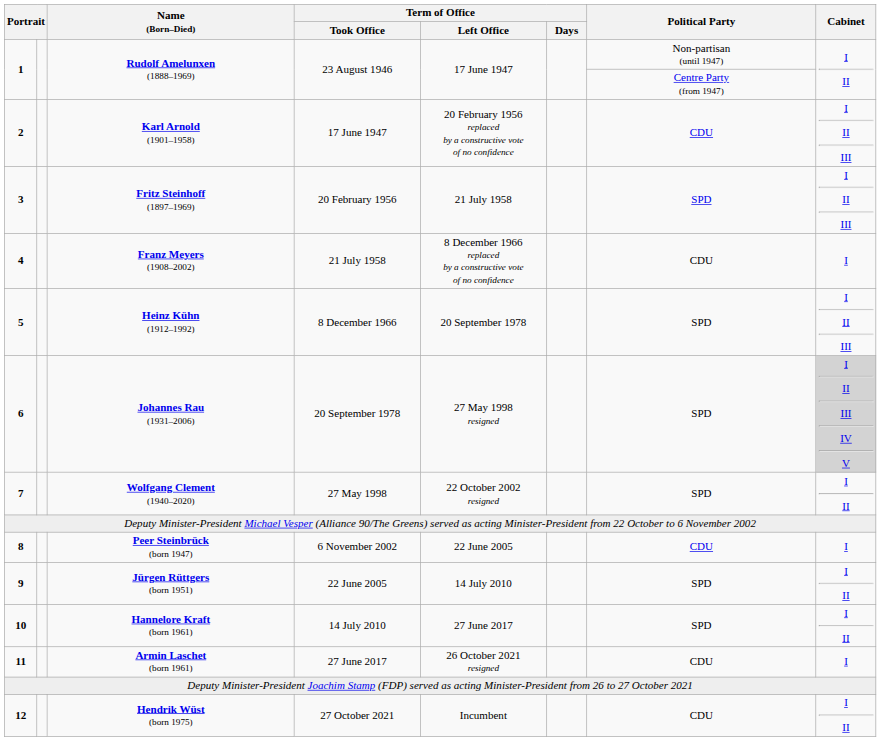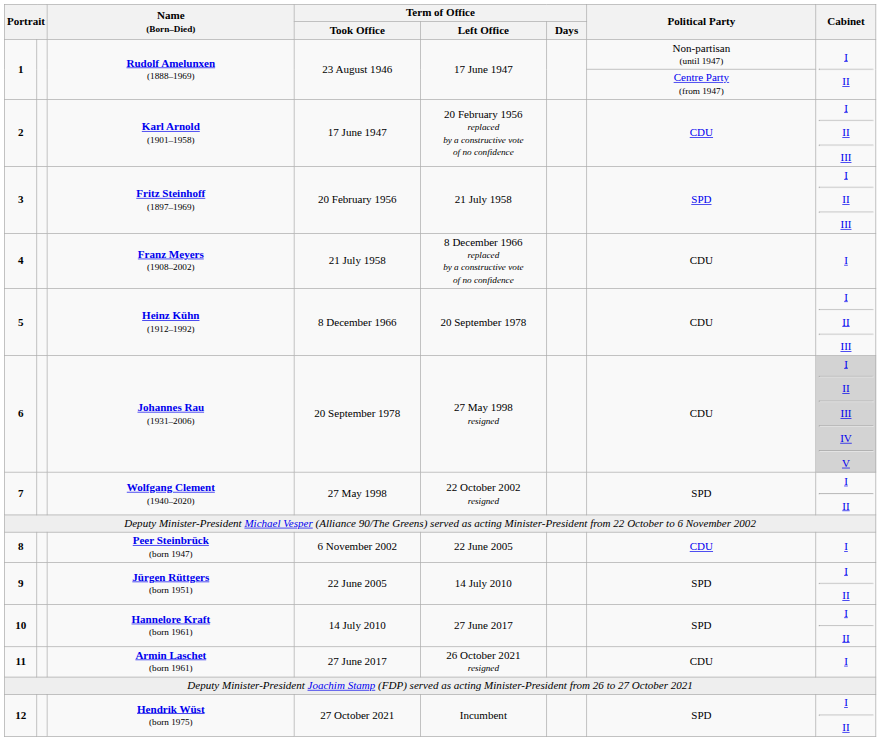 <table class="wikitable" style="text-align:center; width:100%; border:1px #AAAAFF solid">
 <tr>
 <th width=80px rowspan=2 colspan=2>Portrait</th>
 <th width=30% rowspan=2>Name<br><small>(Born–Died)</small></th>
 <th width=35% colspan=3>Term of Office</th>
 <th width=28% rowspan=2>Political Party</th>
 <th width=28% rowspan=2>Cabinet</th>
 </tr>
 <tr>
 <th>Took Office</th>
 <th>Left Office</th>
 <th>Days</th>
 </tr>
 <tr>
 <td rowspan="2" style="background:"><strong>1</strong></td>
 <td rowspan="2"></td>
 <td rowspan="2"><strong><a href='#'>Rudolf Amelunxen</a></strong><br><small>(1888–1969)</small></td>
 <td rowspan="2">23 August 1946</td>
 <td rowspan="2">17 June 1947</td>
 <td rowspan="2"></td>
 <td>Non-partisan<br><small>(until 1947)</small></td>
 <td rowspan="2"><a href='#'>I</a><hr><a href='#'>II</a></td>
 </tr>
 <tr>
 <td><a href='#'>Centre Party</a><br><small>(from 1947)</small></td>
 </tr>
 <tr>
 <td style="background:"><strong>2</strong></td>
 <td></td>
 <td><strong><a href='#'>Karl Arnold</a></strong><br><small>(1901–1958)</small></td>
 <td>17 June 1947</td>
 <td>20 February 1956<br><small><em>replaced<br>by a constructive vote<br>of no confidence</em></small></td>
 <td></td>
 <td><a href='#'>CDU</a></td>
 <td><a href='#'>I</a><hr><a href='#'>II</a><hr><a href='#'>III</a></td>
 </tr>
 <tr>
 <td style="background:"><strong>3</strong></td>
 <td></td>
 <td><strong><a href='#'>Fritz Steinhoff</a></strong><br><small>(1897–1969)</small></td>
 <td>20 February 1956</td>
 <td>21 July 1958</td>
 <td></td>
 <td><a href='#'>SPD</a></td>
 <td><a href='#'>I</a><hr><a href='#'>II</a><hr><a href='#'>III</a></td>
 </tr>
 <tr>
 <td style="background:"><strong>4</strong></td>
 <td></td>
 <td><strong><a href='#'>Franz Meyers</a></strong><br><small>(1908–2002)</small></td>
 <td>21 July 1958</td>
 <td>8 December 1966<br><small><em>replaced<br>by a constructive vote<br>of no confidence</em></small></td>
 <td></td>
 <td>CDU</td>
 <td><a href='#'>I</a></td>
 </tr>
 <tr>
 <td style="background:"><strong>5</strong></td>
 <td></td>
 <td><strong><a href='#'>Heinz Kühn</a></strong><br><small>(1912–1992)</small></td>
 <td>8 December 1966</td>
 <td>20 September 1978</td>
 <td></td>
-<td>SPD</td>
+<td>CDU</td>
 <td><a href='#'>I</a><hr><a href='#'>II</a><hr><a href='#'>III</a></td>
 </tr>
 <tr>
 <td style="background:"><strong>6</strong></td>
 <td></td>
 <td><strong><a href='#'>Johannes Rau</a></strong><br><small>(1931–2006)</small></td>
 <td>20 September 1978</td>
 <td>27 May 1998<br><small><em>resigned</em></small></td>
 <td></td>
-<td>SPD</td>
+<td>CDU</td>
 <td style="background: lightgrey;"><a href='#'>I</a><hr><a href='#'>II</a><hr><a href='#'>III</a><hr><a href='#'>IV</a><hr><a href='#'>V</a></td>
 </tr>
 <tr>
 <td style="background:"><strong>7</strong></td>
 <td></td>
 <td><strong><a href='#'>Wolfgang Clement</a></strong><br><small>(1940–2020)</small></td>
 <td>27 May 1998</td>
 <td>22 October 2002<br><small><em>resigned</em></small></td>
 <td></td>
 <td>SPD</td>
 <td><a href='#'>I</a><hr><a href='#'>II</a></td>
 </tr>
 <tr>
 <td bgcolor=#EEEEEE colspan=10><em>Deputy Minister-President <a href='#'>Michael Vesper</a> (Alliance 90/The Greens) served as acting Minister-President from 22 October to 6 November 2002</em></td>
 </tr>
 <tr>
 <td style="background:"><strong>8</strong></td>
 <td></td>
 <td><strong><a href='#'>Peer Steinbrück</a></strong><br><small>(born 1947)</small></td>
 <td>6 November 2002</td>
 <td>22 June 2005</td>
 <td></td>
 <td><a href='#'>CDU</a></td>
 <td><a href='#'>I</a></td>
 </tr>
 <tr>
 <td style="background:"><strong>9</strong></td>
 <td></td>
 <td><strong><a href='#'>Jürgen Rüttgers</a></strong><br><small>(born 1951)</small></td>
 <td>22 June 2005</td>
 <td>14 July 2010</td>
 <td></td>
 <td>SPD</td>
 <td><a href='#'>I</a><hr><a href='#'>II</a></td>
 </tr>
 <tr>
 <td style="background:"><strong>10</strong></td>
 <td></td>
 <td><strong><a href='#'>Hannelore Kraft</a></strong><br><small>(born 1961)</small></td>
 <td>14 July 2010</td>
 <td>27 June 2017</td>
 <td></td>
 <td>SPD</td>
 <td><a href='#'>I</a><hr><a href='#'>II</a></td>
 </tr>
 <tr>
 <td style="background:"><strong>11</strong></td>
 <td></td>
 <td><strong><a href='#'>Armin Laschet</a></strong><br><small>(born 1961)</small></td>
 <td>27 June 2017</td>
 <td>26 October 2021<br><small><em>resigned</em></small></td>
 <td></td>
 <td>CDU</td>
 <td><a href='#'>I</a></td>
 </tr>
 <tr>
 <td bgcolor=#EEEEEE colspan=10><em>Deputy Minister-President <a href='#'>Joachim Stamp</a> (FDP) served as acting Minister-President from 26 to 27 October 2021</em></td>
 </tr>
 <tr>
 <td style="background:"><strong>12</strong></td>
 <td></td>
 <td><strong><a href='#'>Hendrik Wüst</a></strong><br><small>(born 1975)</small></td>
 <td>27 October 2021</td>
 <td>Incumbent</td>
 <td></td>
-<td>CDU</td>
+<td>SPD</td>
 <td><a href='#'>I</a><hr><a href='#'>II</a></td>
 </tr>
 </table>
